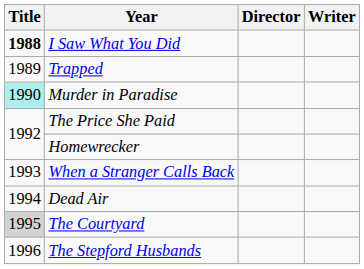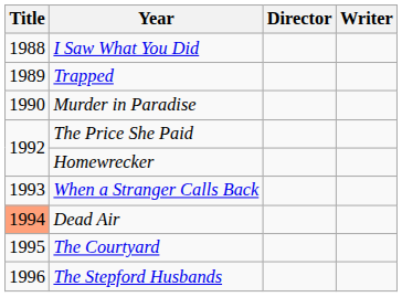 <table class="wikitable">
 <tr>
 <th>Title</th>
 <th>Year</th>
 <th>Director</th>
 <th>Writer</th>
 </tr>
 <tr>
-<td><strong>1988</strong></td>
+<td>1988</td>
 <td><em><a href='#'>I Saw What You Did</a></em></td>
 <td></td>
 <td></td>
 </tr>
 <tr>
 <td>1989</td>
 <td><em><a href='#'>Trapped</a></em></td>
 <td></td>
 <td></td>
 </tr>
 <tr>
-<td style="background: paleturquoise;">1990</td>
+<td>1990</td>
 <td><em>Murder in Paradise</em></td>
 <td></td>
 <td></td>
 </tr>
 <tr>
 <td rowspan=2>1992</td>
 <td><em>The Price She Paid</em></td>
 <td></td>
 <td></td>
 </tr>
 <tr>
 <td><em>Homewrecker</em></td>
 <td></td>
 <td></td>
 </tr>
 <tr>
 <td>1993</td>
 <td><em><a href='#'>When a Stranger Calls Back</a></em></td>
 <td></td>
 <td></td>
 </tr>
 <tr>
-<td>1994</td>
+<td style="background: lightsalmon;">1994</td>
 <td><em>Dead Air</em></td>
 <td></td>
 <td></td>
 </tr>
 <tr>
-<td style="background: lightgrey;">1995</td>
+<td>1995</td>
 <td><em><a href='#'>The Courtyard</a></em></td>
 <td></td>
 <td></td>
 </tr>
 <tr>
 <td>1996</td>
 <td><em><a href='#'>The Stepford Husbands</a></em></td>
 <td></td>
 <td></td>
 </tr>
 </table>
